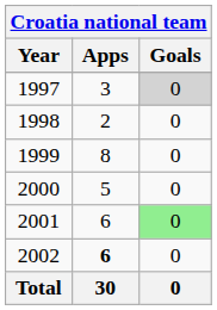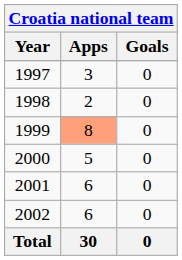 <table class="wikitable" style="text-align:center">
 <tr>
 <th colspan=3><a href='#'>Croatia national team</a></th>
 </tr>
 <tr>
 <th>Year</th>
 <th>Apps</th>
 <th>Goals</th>
 </tr>
 <tr>
 </tr>
 <tr>
 <td>1997</td>
 <td>3</td>
-<td style="background: lightgrey;">0</td>
+<td>0</td>
 </tr>
 <tr>
 <td>1998</td>
 <td>2</td>
 <td>0</td>
 </tr>
 <tr>
 <td>1999</td>
-<td>8</td>
+<td style="background: lightsalmon;">8</td>
 <td>0</td>
 </tr>
 <tr>
 <td>2000</td>
 <td>5</td>
 <td>0</td>
 </tr>
 <tr>
 <td>2001</td>
 <td>6</td>
-<td style="background: lightgreen;">0</td>
+<td>0</td>
 </tr>
 <tr>
 <td>2002</td>
-<td><strong>6</strong></td>
+<td>6</td>
 <td>0</td>
 </tr>
 <tr>
 <th>Total</th>
 <th>30</th>
 <th>0</th>
 </tr>
 </table>
